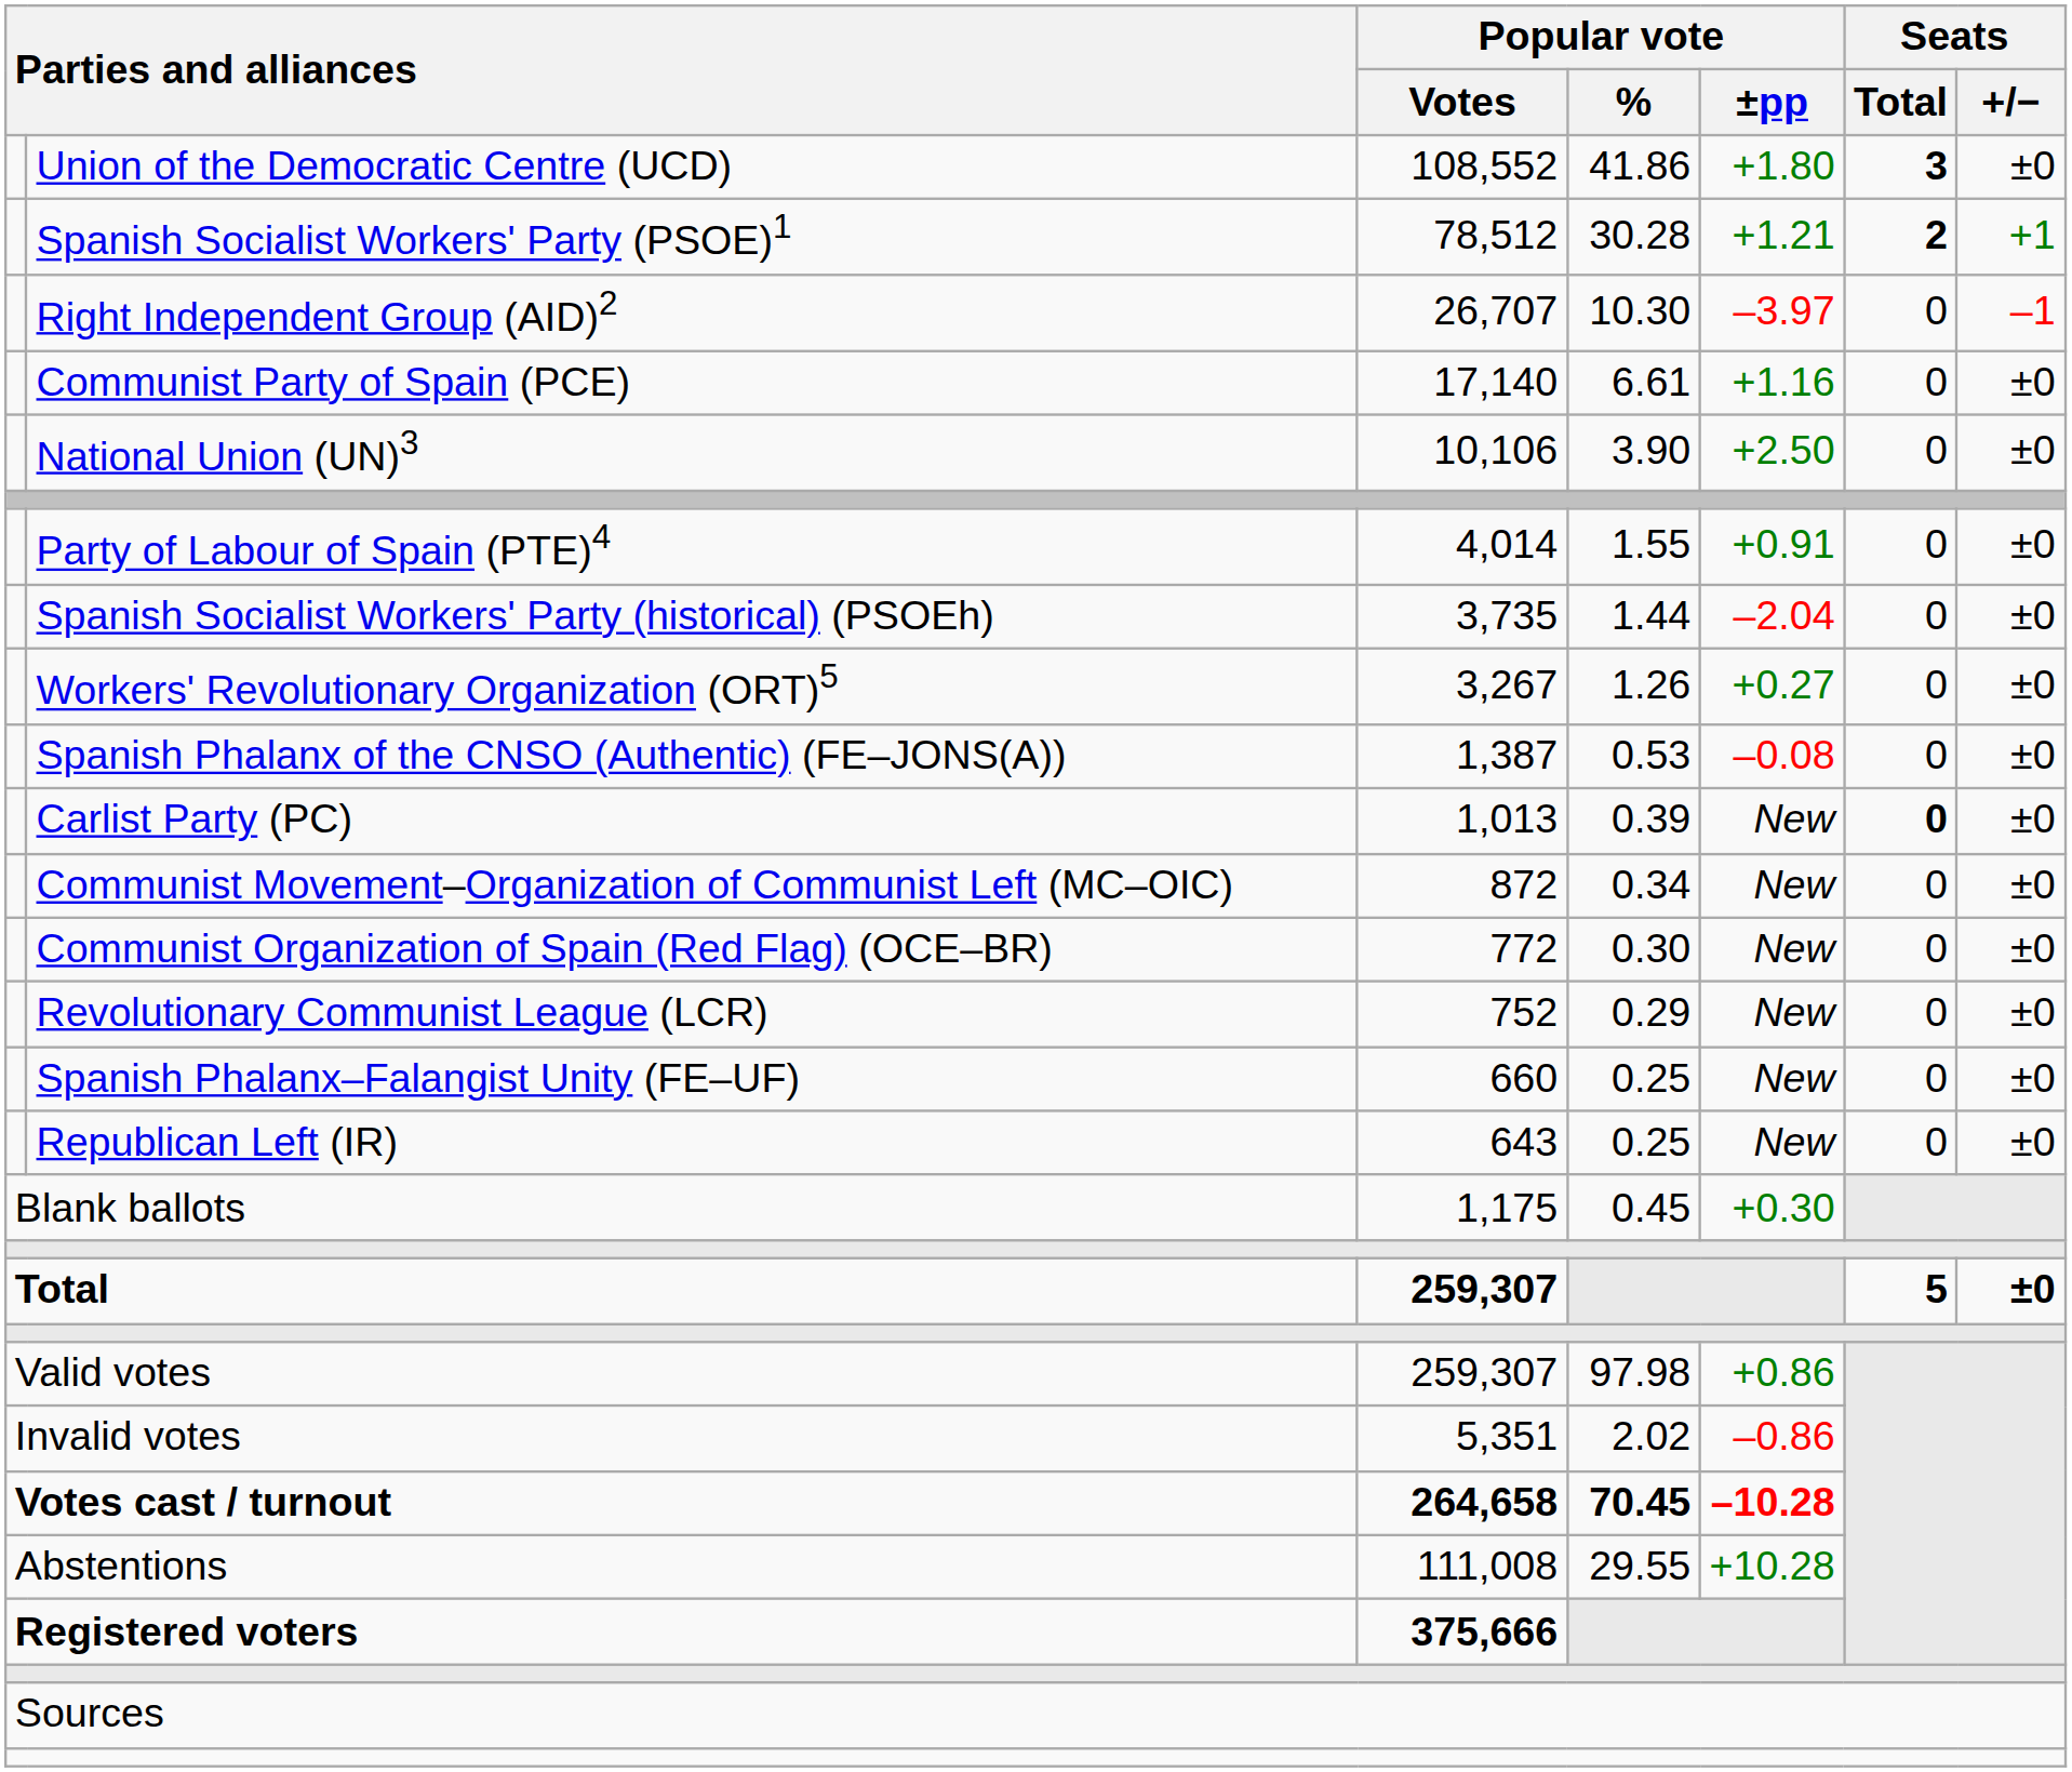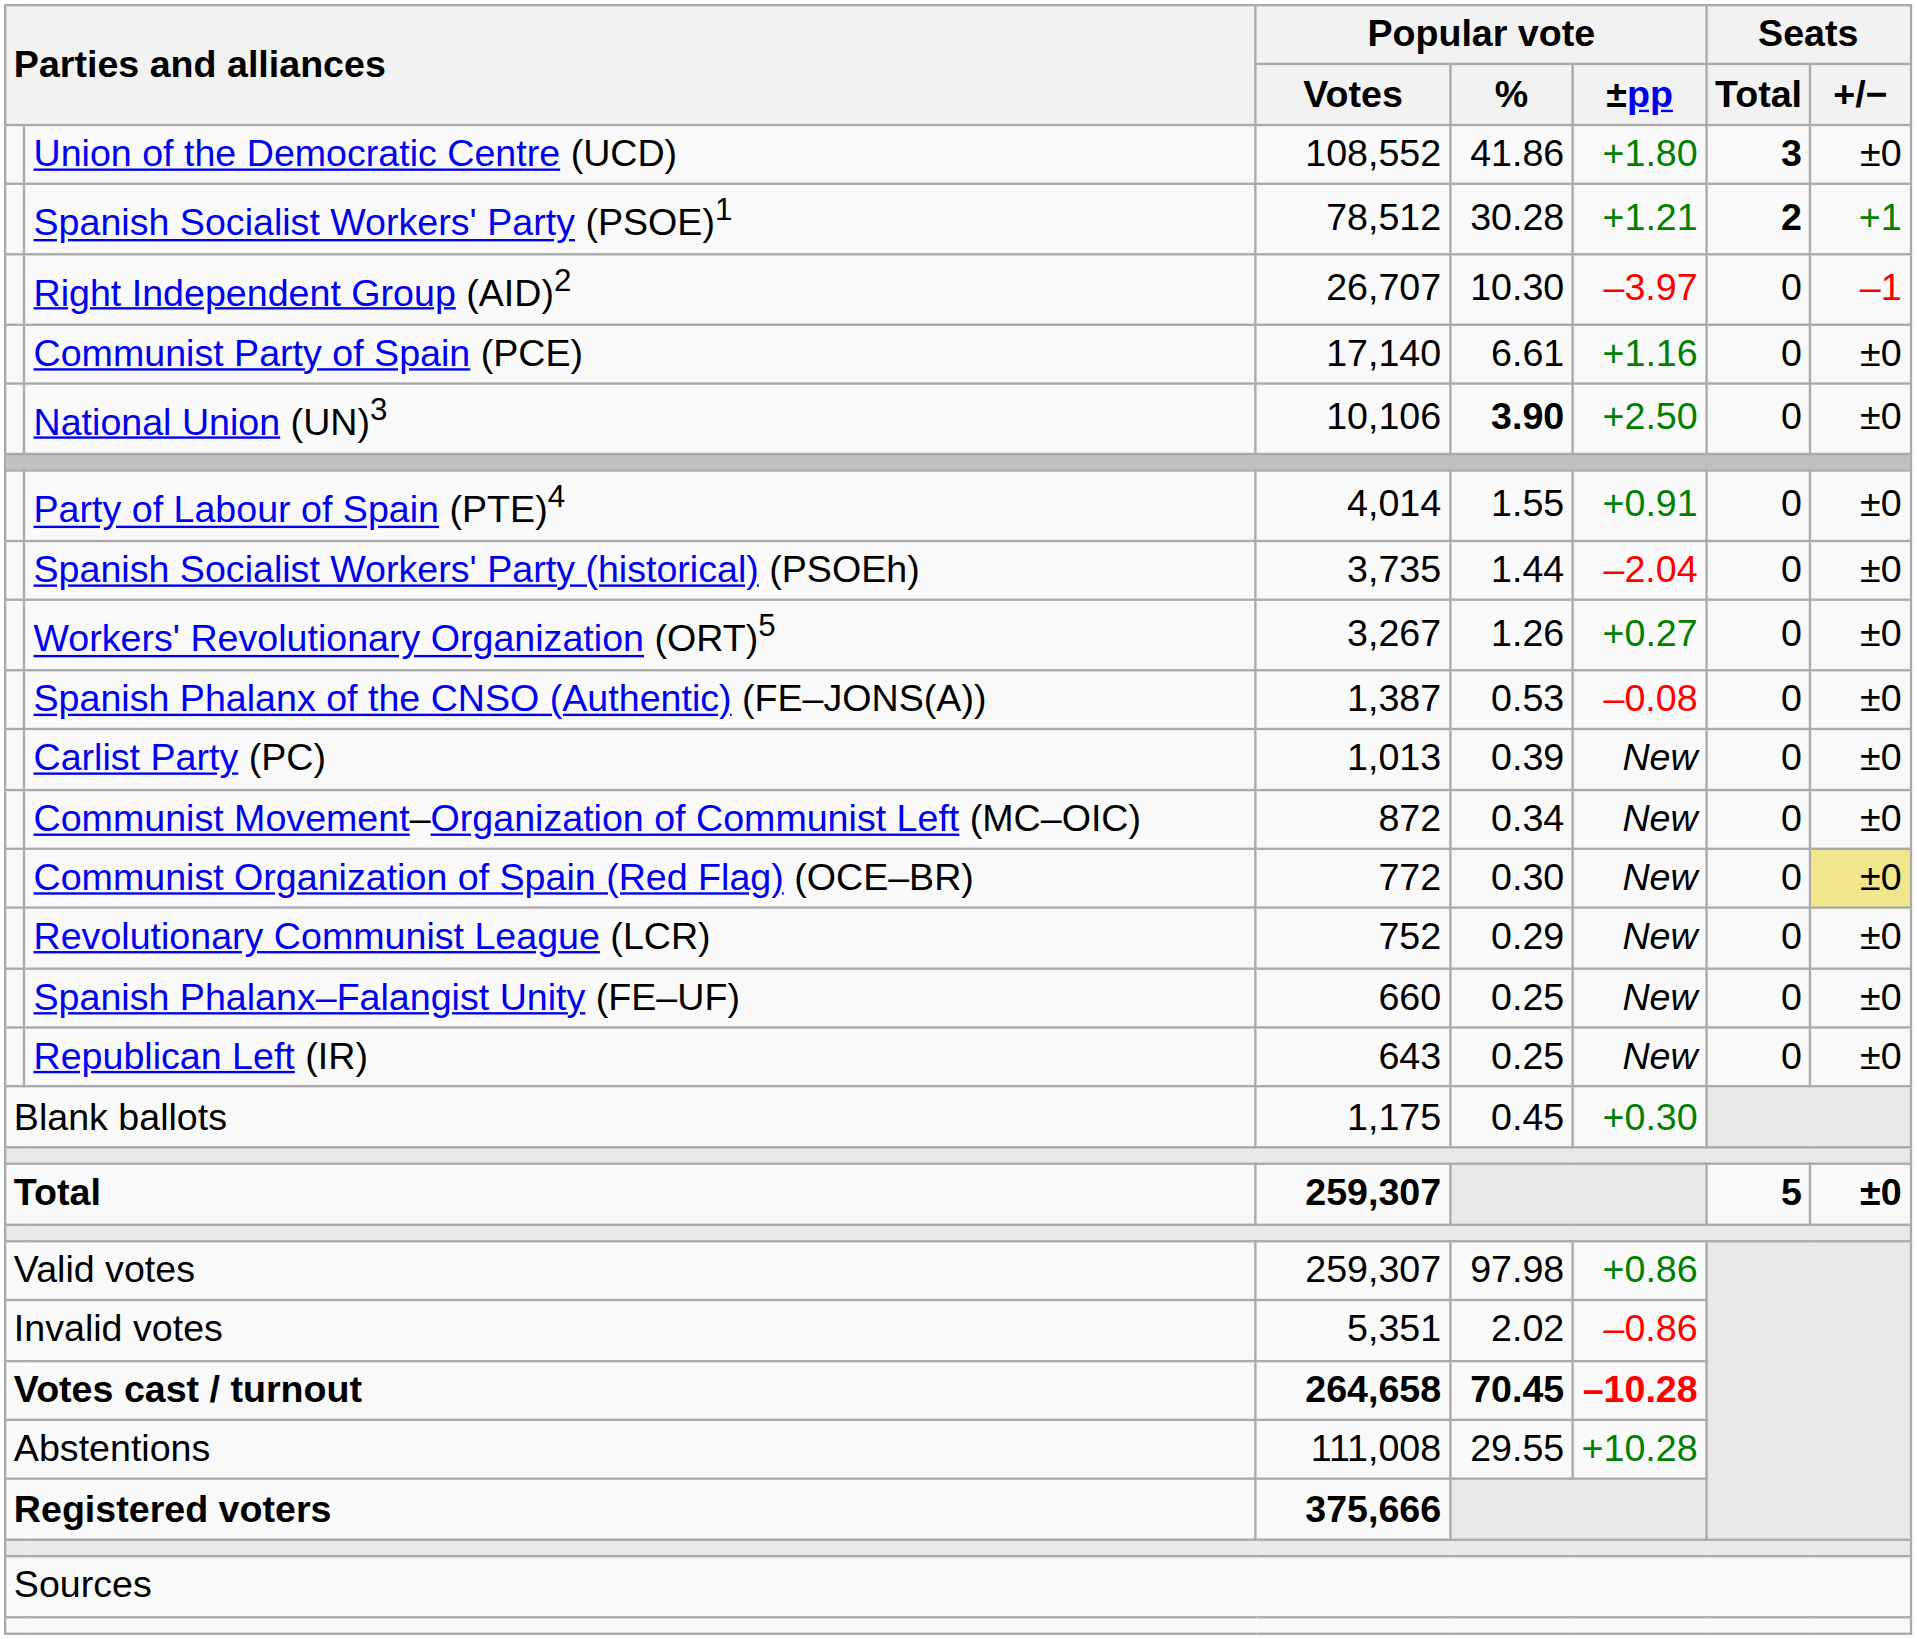 <table class="wikitable" style="text-align:right;">
 <tr>
 <th style="text-align:left;" rowspan="2" colspan="2" width="525">Parties and alliances</th>
 <th colspan="3">Popular vote</th>
 <th colspan="2">Seats</th>
 </tr>
 <tr>
 <th width="75">Votes</th>
 <th width="45">%</th>
 <th width="45">±<a href='#'>pp</a></th>
 <th width="35">Total</th>
 <th width="35">+/−</th>
 </tr>
 <tr>
 <td width="1" style="color:inherit;background:"></td>
 <td align="left"><a href='#'>Union of the Democratic Centre</a> (UCD)</td>
 <td>108,552</td>
 <td>41.86</td>
 <td style="color:green;">+1.80</td>
 <td><strong>3</strong></td>
 <td>±0</td>
 </tr>
 <tr>
 <td style="color:inherit;background:"></td>
 <td align="left"><a href='#'>Spanish Socialist Workers' Party</a> (PSOE)<sup>1</sup></td>
 <td>78,512</td>
 <td>30.28</td>
 <td style="color:green;">+1.21</td>
 <td><strong>2</strong></td>
 <td style="color:green;">+1</td>
 </tr>
 <tr>
 <td width="1" style="color:inherit;background:"></td>
 <td align="left"><a href='#'>Right Independent Group</a> (AID)<sup>2</sup></td>
 <td>26,707</td>
 <td>10.30</td>
 <td style="color:red;">–3.97</td>
 <td>0</td>
 <td style="color:red;">–1</td>
 </tr>
 <tr>
 <td style="color:inherit;background:"></td>
 <td align="left"><a href='#'>Communist Party of Spain</a> (PCE)</td>
 <td>17,140</td>
 <td>6.61</td>
 <td style="color:green;">+1.16</td>
 <td>0</td>
 <td>±0</td>
 </tr>
 <tr>
 <td style="color:inherit;background:"></td>
 <td align="left"><a href='#'>National Union</a> (UN)<sup>3</sup></td>
 <td>10,106</td>
-<td>3.90</td>
+<td><strong>3.90</strong></td>
 <td style="color:green;">+2.50</td>
 <td>0</td>
 <td>±0</td>
 </tr>
 <tr>
 <td colspan="7" bgcolor="#C0C0C0"></td>
 </tr>
 <tr>
 <td style="color:inherit;background:"></td>
 <td align="left"><a href='#'>Party of Labour of Spain</a> (PTE)<sup>4</sup></td>
 <td>4,014</td>
 <td>1.55</td>
 <td style="color:green;">+0.91</td>
 <td>0</td>
 <td>±0</td>
 </tr>
 <tr>
 <td style="color:inherit;background:"></td>
 <td align="left"><a href='#'>Spanish Socialist Workers' Party (historical)</a> (PSOEh)</td>
 <td>3,735</td>
 <td>1.44</td>
 <td style="color:red;">–2.04</td>
 <td>0</td>
 <td>±0</td>
 </tr>
 <tr>
 <td style="color:inherit;background:"></td>
 <td align="left"><a href='#'>Workers' Revolutionary Organization</a> (ORT)<sup>5</sup></td>
 <td>3,267</td>
 <td>1.26</td>
 <td style="color:green;">+0.27</td>
 <td>0</td>
 <td>±0</td>
 </tr>
 <tr>
 <td style="color:inherit;background:"></td>
 <td align="left"><a href='#'>Spanish Phalanx of the CNSO (Authentic)</a> (FE–JONS(A))</td>
 <td>1,387</td>
 <td>0.53</td>
 <td style="color:red;">–0.08</td>
 <td>0</td>
 <td>±0</td>
 </tr>
 <tr>
 <td style="color:inherit;background:"></td>
 <td align="left"><a href='#'>Carlist Party</a> (PC)</td>
 <td>1,013</td>
 <td>0.39</td>
 <td><em>New</em></td>
-<td><strong>0</strong></td>
+<td>0</td>
 <td>±0</td>
 </tr>
 <tr>
 <td style="color:inherit;background:"></td>
 <td align="left"><a href='#'>Communist Movement</a>–<a href='#'>Organization of Communist Left</a> (MC–OIC)</td>
 <td>872</td>
 <td>0.34</td>
 <td><em>New</em></td>
 <td>0</td>
 <td>±0</td>
 </tr>
 <tr>
 <td style="color:inherit;background:"></td>
 <td align="left"><a href='#'>Communist Organization of Spain (Red Flag)</a> (OCE–BR)</td>
 <td>772</td>
 <td>0.30</td>
 <td><em>New</em></td>
 <td>0</td>
-<td>±0</td>
+<td style="background: khaki;">±0</td>
 </tr>
 <tr>
 <td style="color:inherit;background:"></td>
 <td align="left"><a href='#'>Revolutionary Communist League</a> (LCR)</td>
 <td>752</td>
 <td>0.29</td>
 <td><em>New</em></td>
 <td>0</td>
 <td>±0</td>
 </tr>
 <tr>
 <td style="color:inherit;background:"></td>
 <td align="left"><a href='#'>Spanish Phalanx–Falangist Unity</a> (FE–UF)</td>
 <td>660</td>
 <td>0.25</td>
 <td><em>New</em></td>
 <td>0</td>
 <td>±0</td>
 </tr>
 <tr>
 <td style="color:inherit;background:"></td>
 <td align="left"><a href='#'>Republican Left</a> (IR)</td>
 <td>643</td>
 <td>0.25</td>
 <td><em>New</em></td>
 <td>0</td>
 <td>±0</td>
 </tr>
 <tr>
 <td align="left" colspan="2">Blank ballots</td>
 <td>1,175</td>
 <td>0.45</td>
 <td style="color:green;">+0.30</td>
 <td bgcolor="#E9E9E9" colspan="2"></td>
 </tr>
 <tr>
 <td colspan="7" bgcolor="#E9E9E9"></td>
 </tr>
 <tr style="font-weight:bold;">
 <td align="left" colspan="2">Total</td>
 <td>259,307</td>
 <td bgcolor="#E9E9E9" colspan="2"></td>
 <td>5</td>
 <td>±0</td>
 </tr>
 <tr>
 <td colspan="7" bgcolor="#E9E9E9"></td>
 </tr>
 <tr>
 <td align="left" colspan="2">Valid votes</td>
 <td>259,307</td>
 <td>97.98</td>
 <td style="color:green;">+0.86</td>
 <td bgcolor="#E9E9E9" colspan="2" rowspan="5"></td>
 </tr>
 <tr>
 <td align="left" colspan="2">Invalid votes</td>
 <td>5,351</td>
 <td>2.02</td>
 <td style="color:red;">–0.86</td>
 </tr>
 <tr style="font-weight:bold;">
 <td align="left" colspan="2">Votes cast / turnout</td>
 <td>264,658</td>
 <td>70.45</td>
 <td style="color:red;">–10.28</td>
 </tr>
 <tr>
 <td align="left" colspan="2">Abstentions</td>
 <td>111,008</td>
 <td>29.55</td>
 <td style="color:green;">+10.28</td>
 </tr>
 <tr style="font-weight:bold;">
 <td align="left" colspan="2">Registered voters</td>
 <td>375,666</td>
 <td bgcolor="#E9E9E9" colspan="2"></td>
 </tr>
 <tr>
 <td colspan="7" bgcolor="#E9E9E9"></td>
 </tr>
 <tr>
 <td align="left" colspan="7">Sources</td>
 </tr>
 <tr>
 <td colspan="7" style="text-align:left; max-width:790px;"></td>
 </tr>
 </table>
